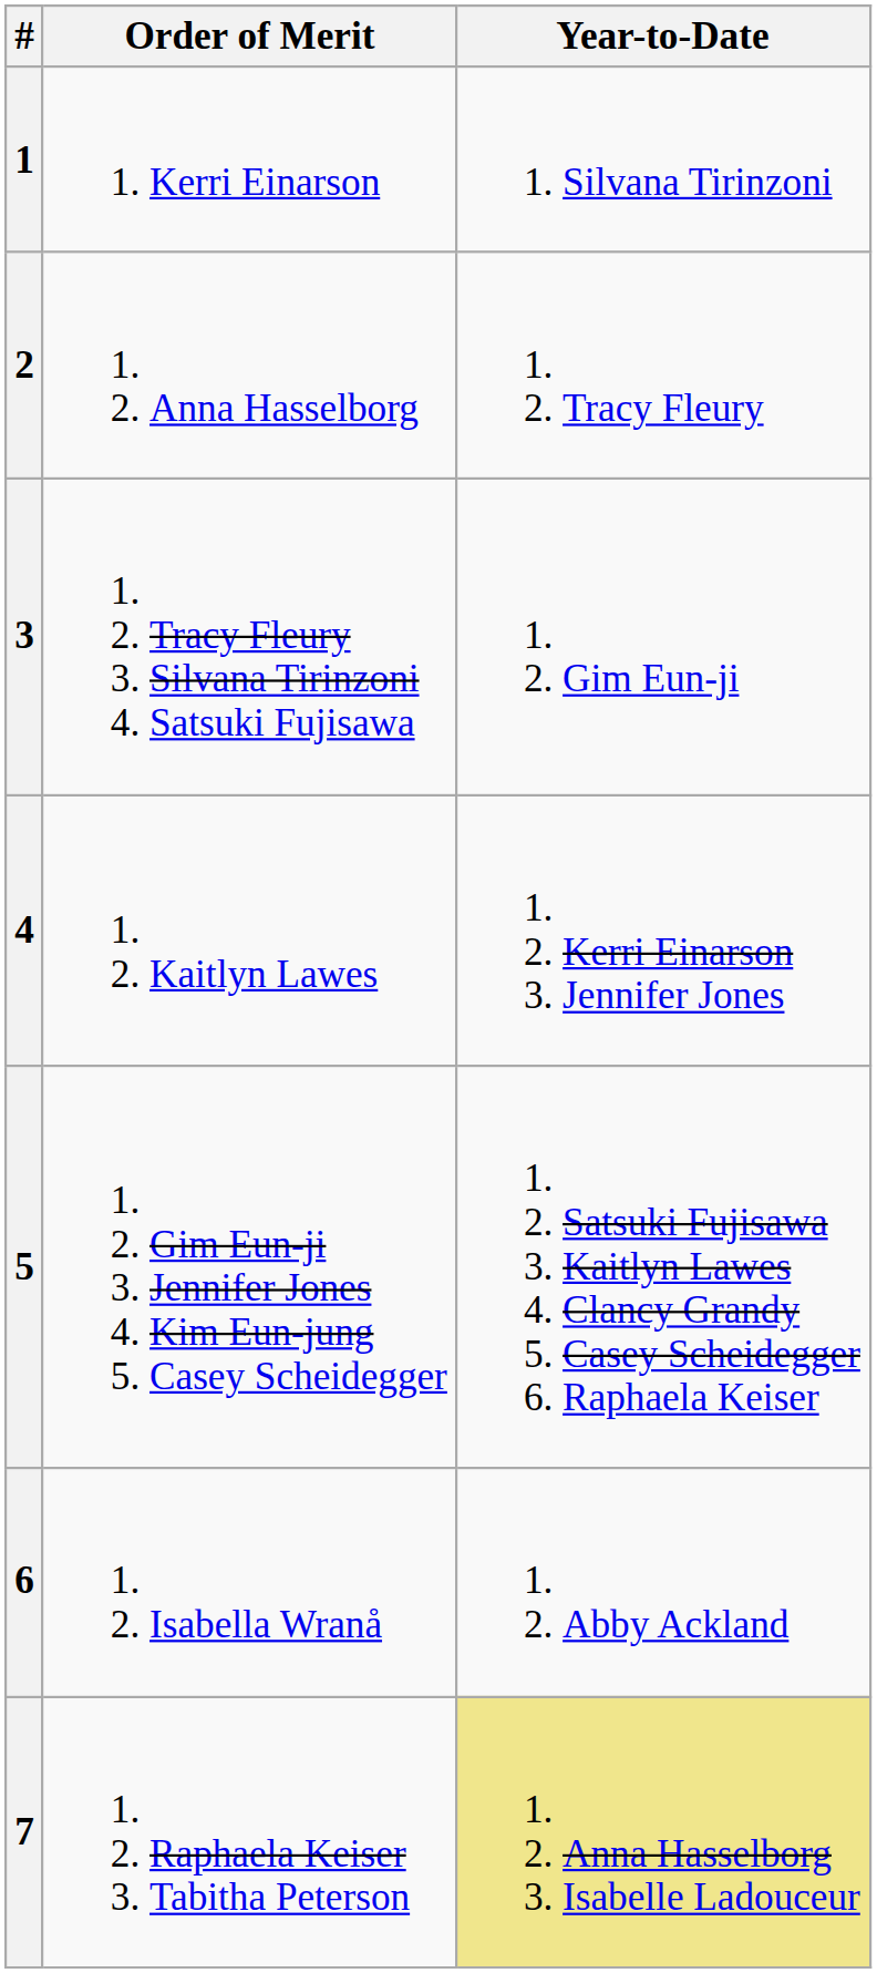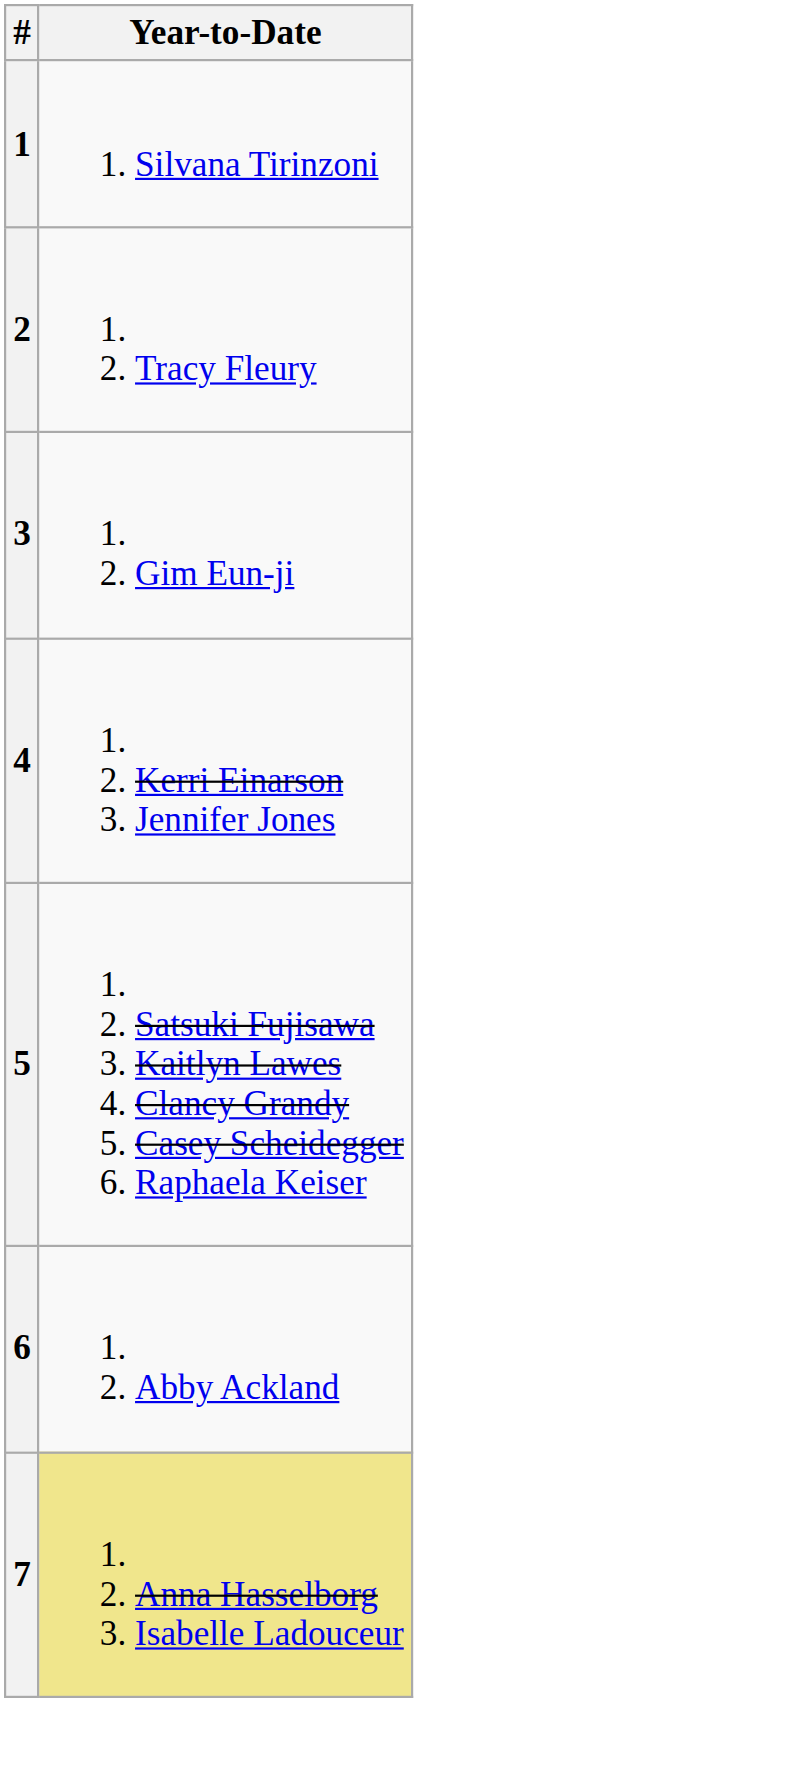 <table class=wikitable>
 <tr>
 <th>#</th>
-<th>Order of Merit</th>
 <th>Year-to-Date</th>
 </tr>
 <tr>
 <th>1</th>
-<td><br><ol><li> <a href='#'>Kerri Einarson</a></li></ol></td>
 <td><br><ol><li> <a href='#'>Silvana Tirinzoni</a></li></ol></td>
 </tr>
 <tr>
 <th>2</th>
-<td><br><ol><li><li> <a href='#'>Anna Hasselborg</a></li></ol></td>
 <td><br><ol><li><li> <a href='#'>Tracy Fleury</a></li></ol></td>
 </tr>
 <tr>
 <th>3</th>
-<td><br><ol><li><li> <s><a href='#'>Tracy Fleury</a></s></li><li> <s><a href='#'>Silvana Tirinzoni</a></s></li><li> <a href='#'>Satsuki Fujisawa</a></li></ol></td>
 <td><br><ol><li><li> <a href='#'>Gim Eun-ji</a></li></ol></td>
 </tr>
 <tr>
 <th>4</th>
-<td><br><ol><li><li> <a href='#'>Kaitlyn Lawes</a></li></ol></td>
 <td><br><ol><li><li><s> <a href='#'>Kerri Einarson</a></s></li><li> <a href='#'>Jennifer Jones</a></li></ol></td>
 </tr>
 <tr>
 <th>5</th>
-<td><br><ol><li><li> <s><a href='#'>Gim Eun-ji</a></s></li><li> <s><a href='#'>Jennifer Jones</a></s></li><li> <s><a href='#'>Kim Eun-jung</a></s></li><li> <a href='#'>Casey Scheidegger</a></li></ol></td>
 <td><br><ol><li><li> <s><a href='#'>Satsuki Fujisawa</a></s></li><li> <s><a href='#'>Kaitlyn Lawes</a></s></li><li> <s><a href='#'>Clancy Grandy</a></s></li><li> <s><a href='#'>Casey Scheidegger</a></s></li><li> <a href='#'>Raphaela Keiser</a></li></ol></td>
 </tr>
 <tr>
 <th>6</th>
-<td><br><ol><li><li> <a href='#'>Isabella Wranå</a></li></ol></td>
 <td><br><ol><li><li> <a href='#'>Abby Ackland</a></li></ol></td>
 </tr>
 <tr>
 <th>7</th>
-<td><br><ol><li><li> <s><a href='#'>Raphaela Keiser</a></s></li><li> <a href='#'>Tabitha Peterson</a></li></ol></td>
 <td style="background: khaki;"><br><ol><li><li> <s><a href='#'>Anna Hasselborg</a></s></li><li> <a href='#'>Isabelle Ladouceur</a></li></ol></td>
 </tr>
 </table>
